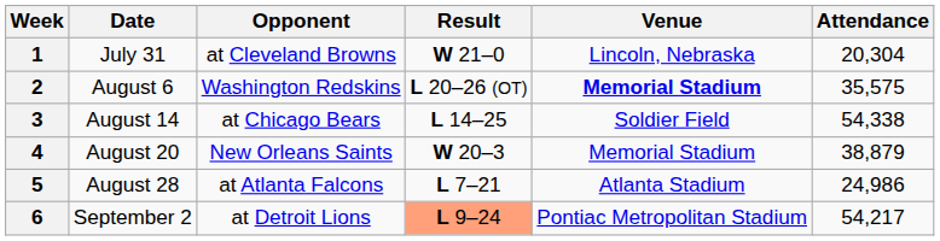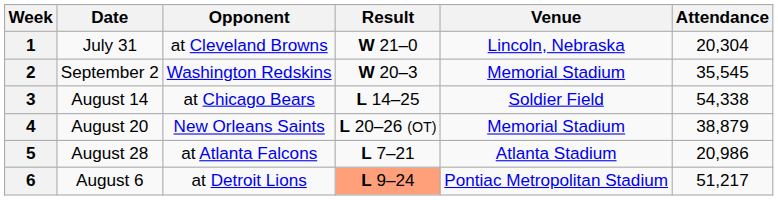 <table class="wikitable" style="text-align:center">
 <tr>
 <th>Week</th>
 <th>Date</th>
 <th>Opponent</th>
 <th>Result</th>
 <th>Venue</th>
 <th>Attendance</th>
 </tr>
 <tr>
 <th>1</th>
 <td>July 31</td>
 <td>at <a href='#'>Cleveland Browns</a></td>
 <td><strong>W</strong> 21–0</td>
 <td><a href='#'>Lincoln, Nebraska</a></td>
 <td>20,304</td>
 </tr>
 <tr>
 <th>2</th>
-<td>August 6</td>
+<td>September 2</td>
 <td><a href='#'>Washington Redskins</a></td>
-<td><strong>L</strong> 20–26 <small>(OT)</small></td>
-<td><strong><a href='#'>Memorial Stadium</a></strong></td>
-<td>35,575</td>
+<td><strong>W</strong> 20–3</td>
+<td><a href='#'>Memorial Stadium</a></td>
+<td>35,545</td>
 </tr>
 <tr>
 <th>3</th>
 <td>August 14</td>
 <td>at <a href='#'>Chicago Bears</a></td>
 <td><strong>L</strong> 14–25</td>
 <td><a href='#'>Soldier Field</a></td>
 <td>54,338</td>
 </tr>
 <tr>
 <th>4</th>
 <td>August 20</td>
 <td><a href='#'>New Orleans Saints</a></td>
-<td><strong>W</strong> 20–3</td>
+<td><strong>L</strong> 20–26 <small>(OT)</small></td>
 <td><a href='#'>Memorial Stadium</a></td>
 <td>38,879</td>
 </tr>
 <tr>
 <th>5</th>
 <td>August 28</td>
 <td>at <a href='#'>Atlanta Falcons</a></td>
 <td><strong>L</strong> 7–21</td>
 <td><a href='#'>Atlanta Stadium</a></td>
-<td>24,986</td>
+<td>20,986</td>
 </tr>
 <tr>
 <th>6</th>
-<td>September 2</td>
+<td>August 6</td>
 <td>at <a href='#'>Detroit Lions</a></td>
 <td style="background: lightsalmon;"><strong>L</strong> 9–24</td>
 <td><a href='#'>Pontiac Metropolitan Stadium</a></td>
-<td>54,217</td>
+<td>51,217</td>
 </tr>
 </table>
